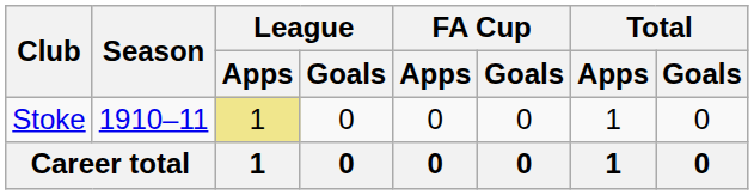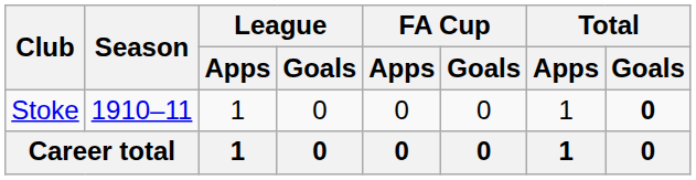 <table class="wikitable" style="text-align: center;">
 <tr>
 <th rowspan="2">Club</th>
 <th rowspan="2">Season</th>
 <th colspan="2">League</th>
 <th colspan="2">FA Cup</th>
 <th colspan="2">Total</th>
 </tr>
 <tr>
 <th>Apps</th>
 <th>Goals</th>
 <th>Apps</th>
 <th>Goals</th>
 <th>Apps</th>
 <th>Goals</th>
 </tr>
 <tr>
 <td><a href='#'>Stoke</a></td>
 <td><a href='#'>1910–11</a></td>
-<td style="background: khaki;">1</td>
+<td>1</td>
 <td>0</td>
 <td>0</td>
 <td>0</td>
 <td>1</td>
-<td>0</td>
+<td><strong>0</strong></td>
 </tr>
 <tr>
 <th colspan="2">Career total</th>
 <th>1</th>
 <th>0</th>
 <th>0</th>
 <th>0</th>
 <th>1</th>
 <th>0</th>
 </tr>
 </table>
